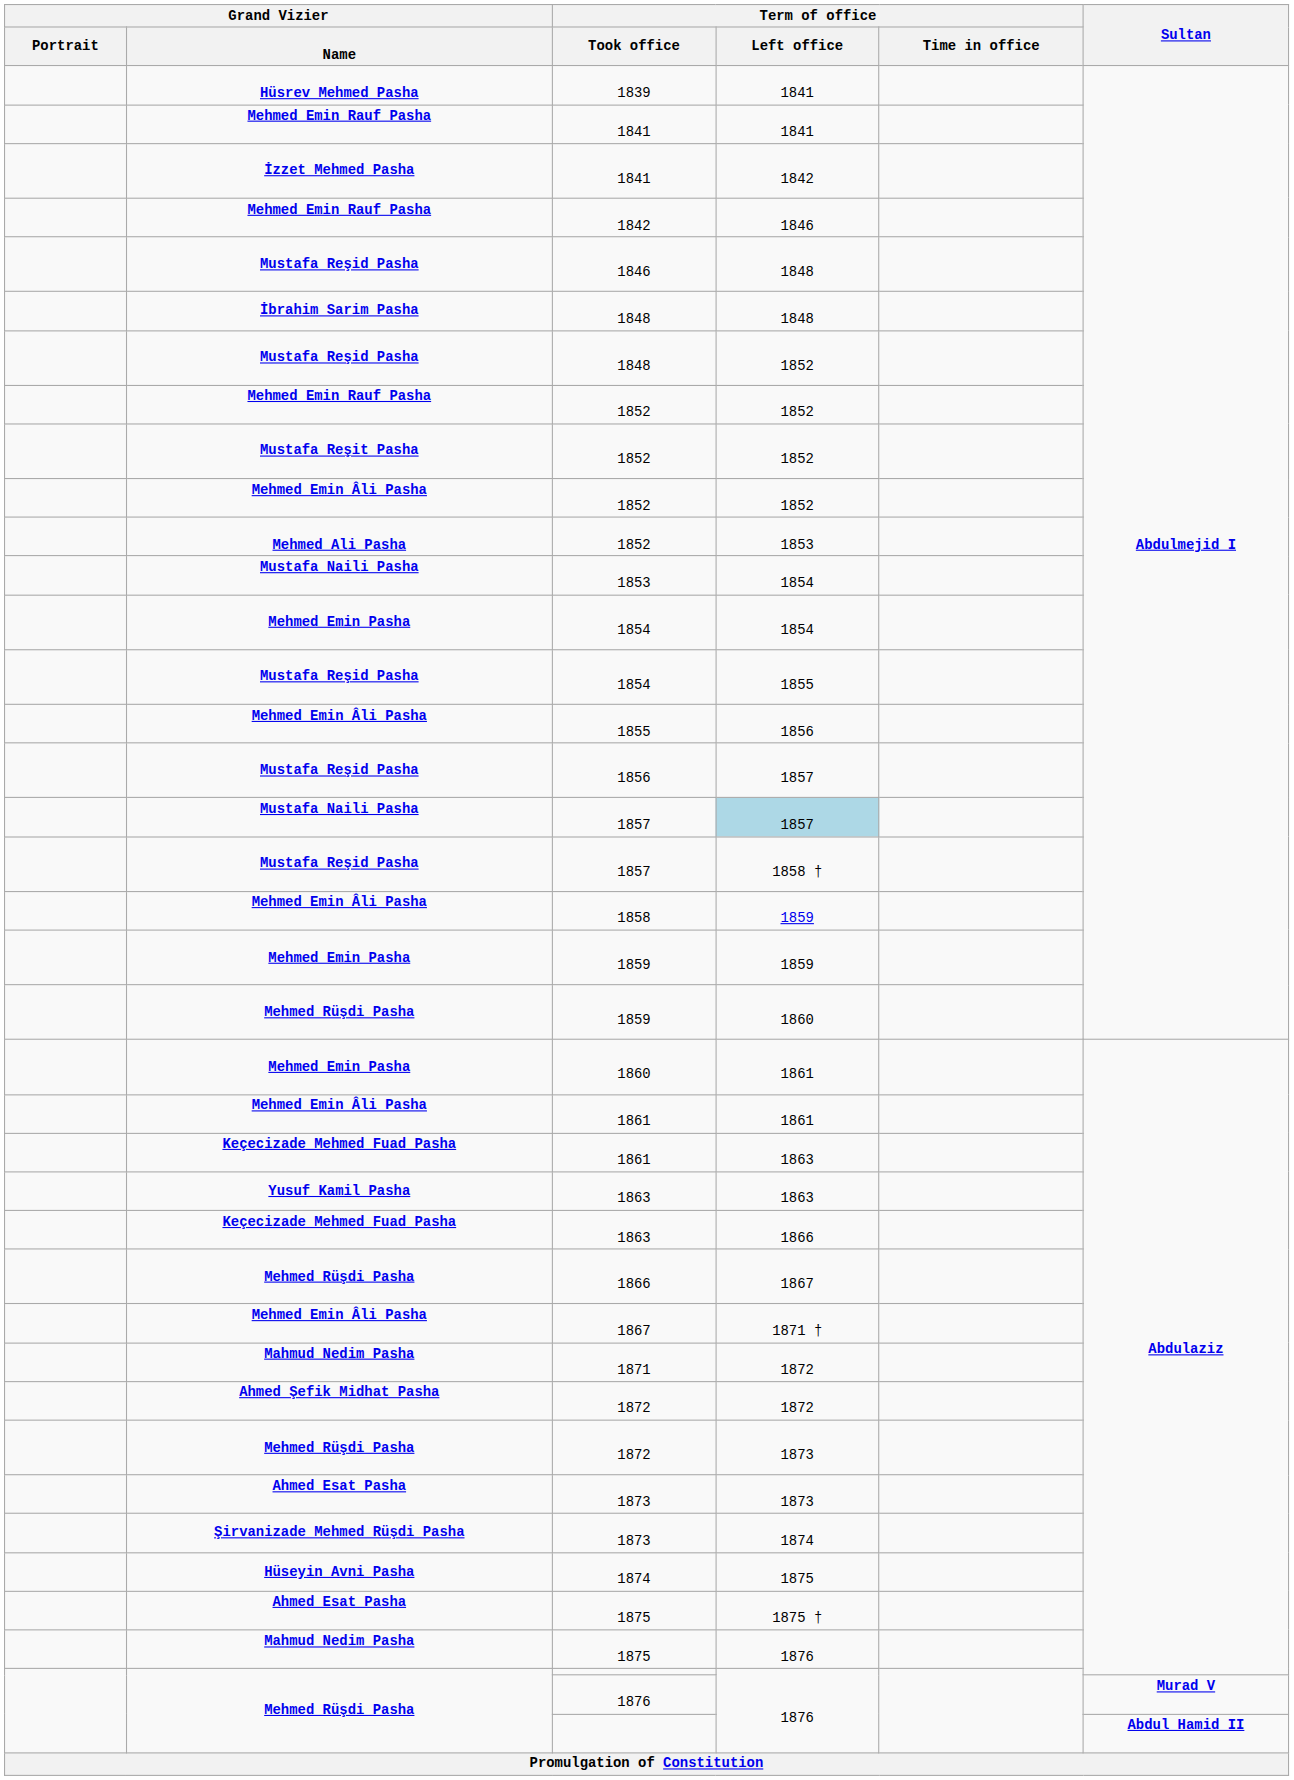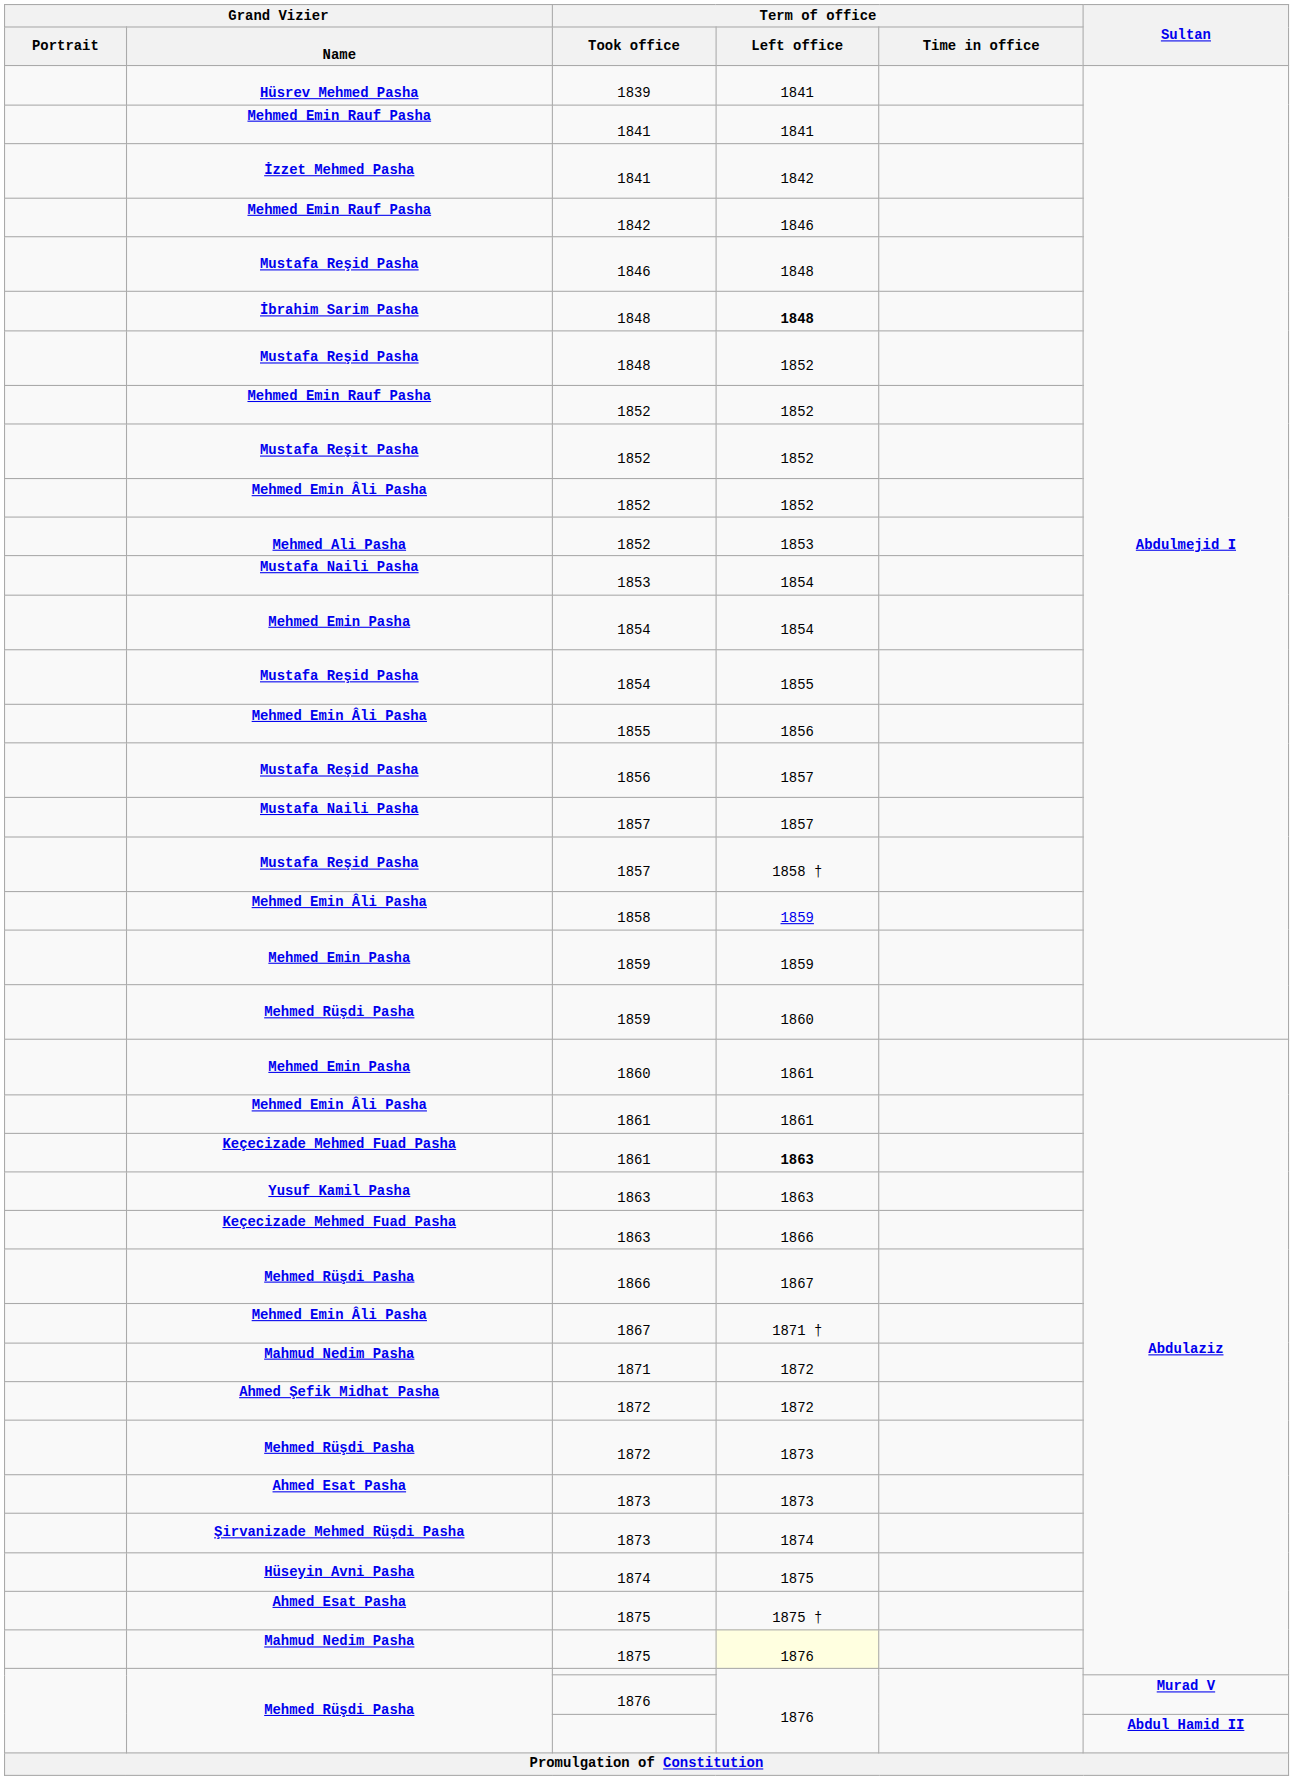 <table class="wikitable mw-collapsible" style="text-align:center; width:95%">
 <tr>
 <th colspan="2">Grand Vizier</th>
 <th colspan="3">Term of office</th>
 <th rowspan="2"><a href='#'>Sultan</a></th>
 </tr>
 <tr>
 <th>Portrait</th>
 <th><br>Name<br></th>
 <th>Took office</th>
 <th>Left office</th>
 <th>Time in office</th>
 </tr>
 <tr>
 <td></td>
 <td><br><a href='#'><strong>Hüsrev Mehmed Pasha</strong></a><br></td>
 <td><br>1839</td>
 <td><br>1841</td>
 <td></td>
 <td rowspan="22"><strong><a href='#'>Abdulmejid I</a></strong><br><br></td>
 </tr>
 <tr>
 <td></td>
 <td><strong><a href='#'>Mehmed Emin Rauf Pasha</a></strong><br><br></td>
 <td><br>1841</td>
 <td><br>1841</td>
 <td></td>
 </tr>
 <tr>
 <td></td>
 <td><br><a href='#'><strong>İzzet Mehmed Pasha</strong></a><br><br></td>
 <td><br>1841</td>
 <td><br>1842</td>
 <td></td>
 </tr>
 <tr>
 <td></td>
 <td><strong><a href='#'>Mehmed Emin Rauf Pasha</a></strong><br><br></td>
 <td><br>1842</td>
 <td><br>1846</td>
 <td></td>
 </tr>
 <tr>
 <td></td>
 <td><br><strong><a href='#'>Mustafa Reşid Pasha</a></strong><br><br></td>
 <td><br>1846</td>
 <td><br>1848</td>
 <td></td>
 </tr>
 <tr>
 <td></td>
 <td><strong><a href='#'>İbrahim Sarim Pasha</a></strong><br></td>
 <td><br>1848</td>
-<td><br>1848</td>
+<td><strong><br>1848</strong></td>
 <td></td>
 </tr>
 <tr>
 <td></td>
 <td><br><strong><a href='#'>Mustafa Reşid Pasha</a></strong><br><br></td>
 <td><br>1848</td>
 <td><br>1852</td>
 <td></td>
 </tr>
 <tr>
 <td></td>
 <td><strong><a href='#'>Mehmed Emin Rauf Pasha</a></strong><br><br></td>
 <td><br>1852</td>
 <td><br>1852</td>
 <td></td>
 </tr>
 <tr>
 <td></td>
 <td><br><a href='#'><strong>Mustafa Reşit Pasha</strong></a><br><br></td>
 <td><br>1852</td>
 <td><br>1852</td>
 <td></td>
 </tr>
 <tr>
 <td></td>
 <td><strong><a href='#'>Mehmed Emin Âli Pasha</a></strong><br><br></td>
 <td><br>1852</td>
 <td><br>1852</td>
 <td></td>
 </tr>
 <tr>
 <td></td>
 <td><br><a href='#'><strong>Mehmed Ali Pasha</strong></a><br></td>
 <td><br>1852</td>
 <td><br>1853</td>
 <td></td>
 </tr>
 <tr>
 <td></td>
 <td><strong><a href='#'>Mustafa Naili Pasha</a></strong><br><br></td>
 <td><br>1853</td>
 <td><br>1854</td>
 <td></td>
 </tr>
 <tr>
 <td></td>
 <td><br><a href='#'><strong>Mehmed Emin Pasha</strong></a><br><br></td>
 <td><br>1854</td>
 <td><br>1854</td>
 <td></td>
 </tr>
 <tr>
 <td></td>
 <td><br><strong><a href='#'>Mustafa Reşid Pasha</a></strong><br><br></td>
 <td><br>1854</td>
 <td><br>1855</td>
 <td></td>
 </tr>
 <tr>
 <td></td>
 <td><strong><a href='#'>Mehmed Emin Âli Pasha</a></strong><br><br></td>
 <td><br>1855</td>
 <td><br>1856</td>
 <td></td>
 </tr>
 <tr>
 <td></td>
 <td><br><strong><a href='#'>Mustafa Reşid Pasha</a></strong><br><br></td>
 <td><br>1856</td>
 <td><br>1857</td>
 <td></td>
 </tr>
 <tr>
 <td></td>
 <td><strong><a href='#'>Mustafa Naili Pasha</a></strong><br><br></td>
 <td><br>1857</td>
-<td style="background: lightblue;"><br>1857</td>
+<td><br>1857</td>
 <td></td>
 </tr>
 <tr>
 <td></td>
 <td><br><strong><a href='#'>Mustafa Reşid Pasha</a></strong><br><br></td>
 <td><br>1857</td>
 <td><br>1858 †<br><em></em></td>
 <td></td>
 </tr>
 <tr>
 <td></td>
 <td><strong><a href='#'>Mehmed Emin Âli Pasha</a></strong><br><br></td>
 <td><br>1858</td>
 <td><br><a href='#'>1859</a></td>
 <td></td>
 </tr>
 <tr>
 <td></td>
 <td><br><a href='#'><strong>Mehmed Emin Pasha</strong></a><br><br></td>
 <td><br>1859</td>
 <td><br>1859</td>
 <td></td>
 </tr>
 <tr>
 <td></td>
 <td><br><a href='#'><strong>Mehmed Rüşdi Pasha</strong></a><br><br></td>
 <td><br>1859</td>
 <td><br>1860</td>
 <td></td>
 </tr>
 <tr>
 <td rowspan="2"></td>
 <td rowspan="2"><br><a href='#'><strong>Mehmed Emin Pasha</strong></a><br><br></td>
 <td rowspan="2"><br>1860</td>
 <td rowspan="2"><br>1861</td>
 <td rowspan="2"></td>
 </tr>
 <tr>
 <td rowspan="16"><strong><a href='#'>Abdulaziz</a></strong><br><br></td>
 </tr>
 <tr>
 <td></td>
 <td><strong><a href='#'>Mehmed Emin Âli Pasha</a></strong><br><br></td>
 <td><br>1861</td>
 <td><br>1861</td>
 <td></td>
 </tr>
 <tr>
 <td></td>
 <td><strong><a href='#'>Keçecizade Mehmed Fuad Pasha</a></strong><br><br></td>
 <td><br>1861</td>
-<td><br>1863</td>
+<td><strong><br>1863</strong></td>
 <td></td>
 </tr>
 <tr>
 <td></td>
 <td><strong><a href='#'>Yusuf Kamil Pasha</a></strong><br></td>
 <td><br>1863</td>
 <td><br>1863</td>
 <td></td>
 </tr>
 <tr>
 <td></td>
 <td><strong><a href='#'>Keçecizade Mehmed Fuad Pasha</a></strong><br><br></td>
 <td><br>1863</td>
 <td><br>1866</td>
 <td></td>
 </tr>
 <tr>
 <td></td>
 <td><br><a href='#'><strong>Mehmed Rüşdi Pasha</strong></a><br><br></td>
 <td><br>1866</td>
 <td><br>1867</td>
 <td></td>
 </tr>
 <tr>
 <td></td>
 <td><strong><a href='#'>Mehmed Emin Âli Pasha</a></strong><br><br></td>
 <td><br>1867</td>
 <td><br>1871 †<br><em></em></td>
 <td></td>
 </tr>
 <tr>
 <td></td>
 <td><strong><a href='#'>Mahmud Nedim Pasha</a></strong><br><br></td>
 <td><br>1871</td>
 <td><br>1872</td>
 <td></td>
 </tr>
 <tr>
 <td></td>
 <td><a href='#'><strong>Ahmed Şefik Midhat Pasha</strong></a><br><br></td>
 <td><br>1872</td>
 <td><br>1872</td>
 <td></td>
 </tr>
 <tr>
 <td></td>
 <td><br><a href='#'><strong>Mehmed Rüşdi Pasha</strong></a><br><br></td>
 <td><br>1872</td>
 <td><br>1873</td>
 <td></td>
 </tr>
 <tr>
 <td></td>
 <td><a href='#'><strong>Ahmed Esat Pasha</strong></a><br><br></td>
 <td><br>1873</td>
 <td><br>1873</td>
 <td></td>
 </tr>
 <tr>
 <td></td>
 <td><strong><a href='#'>Şirvanizade Mehmed Rüşdi Pasha</a></strong><br></td>
 <td><br>1873</td>
 <td><br>1874</td>
 <td></td>
 </tr>
 <tr>
 <td></td>
 <td><strong><a href='#'>Hüseyin Avni Pasha</a></strong><br></td>
 <td><br>1874</td>
 <td><br>1875</td>
 <td></td>
 </tr>
 <tr>
 <td></td>
 <td><a href='#'><strong>Ahmed Esat Pasha</strong></a><br><br></td>
 <td><br>1875</td>
 <td><br>1875 †<br><em></em></td>
 <td></td>
 </tr>
 <tr>
 <td></td>
 <td><strong><a href='#'>Mahmud Nedim Pasha</a></strong><br><br></td>
 <td><br>1875</td>
-<td><br>1876<br><em></em></td>
+<td style="background: lightyellow;"><br>1876<br><em></em></td>
 <td></td>
 </tr>
 <tr>
 <td rowspan="3"></td>
 <td rowspan="3"><br><a href='#'><strong>Mehmed Rüşdi Pasha</strong></a><br><br></td>
 <td></td>
 <td rowspan="3"><br>1876</td>
 <td rowspan="3"></td>
 </tr>
 <tr>
 <td><br>1876</td>
 <td><strong><a href='#'>Murad V</a></strong><br><br></td>
 </tr>
 <tr>
 <td></td>
 <td><strong><a href='#'>Abdul Hamid II</a></strong><br><br></td>
 </tr>
 <tr>
 <th colspan="6">Promulgation of <a href='#'>Constitution</a></th>
 </tr>
 </table>
